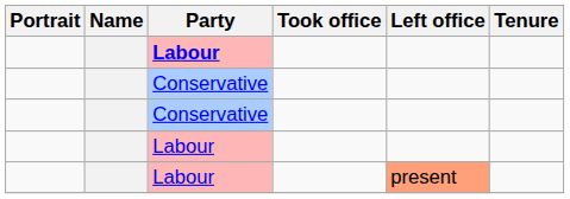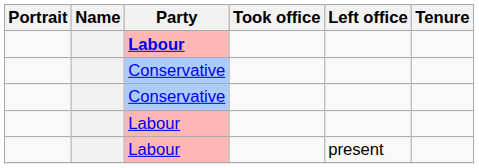 <table class="wikitable plainrowheaders sortable">
 <tr>
 <th scope=col class=unsortable>Portrait</th>
 <th scope=col>Name</th>
 <th scope=col>Party</th>
 <th scope=col>Took office</th>
 <th scope=col>Left office</th>
 <th scope=col>Tenure</th>
 </tr>
 <tr>
 <td align=center></td>
 <th scope=row></th>
 <td style="background:#FFB6B6"><strong><a href='#'>Labour</a></strong></td>
 <td></td>
 <td></td>
 <td></td>
 </tr>
 <tr>
 <td align=center></td>
 <th scope=row></th>
 <td style="background:#AACCFF"><a href='#'>Conservative</a></td>
 <td></td>
 <td></td>
 <td></td>
 </tr>
 <tr>
 <td align=center></td>
 <th scope=row></th>
 <td style="background:#AACCFF"><a href='#'>Conservative</a></td>
 <td></td>
 <td></td>
 <td></td>
 </tr>
 <tr>
 <td align=center></td>
 <th scope=row></th>
 <td style="background:#FFB6B6"><a href='#'>Labour</a></td>
 <td></td>
 <td></td>
 <td></td>
 </tr>
 <tr>
 <td align=center></td>
 <th scope=row></th>
 <td style="background:#FFB6B6"><a href='#'>Labour</a></td>
 <td></td>
-<td style="background: lightsalmon;">present</td>
+<td>present</td>
 <td></td>
 </tr>
 <tr>
 </tr>
 </table>
